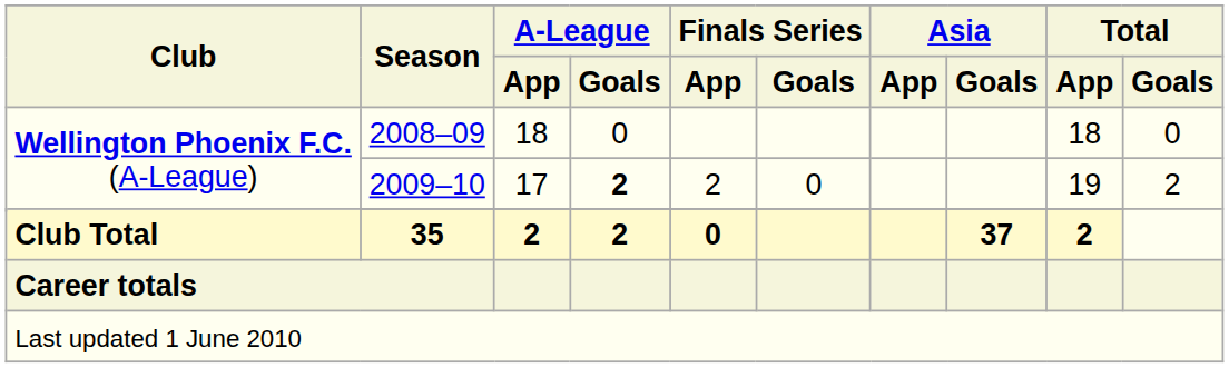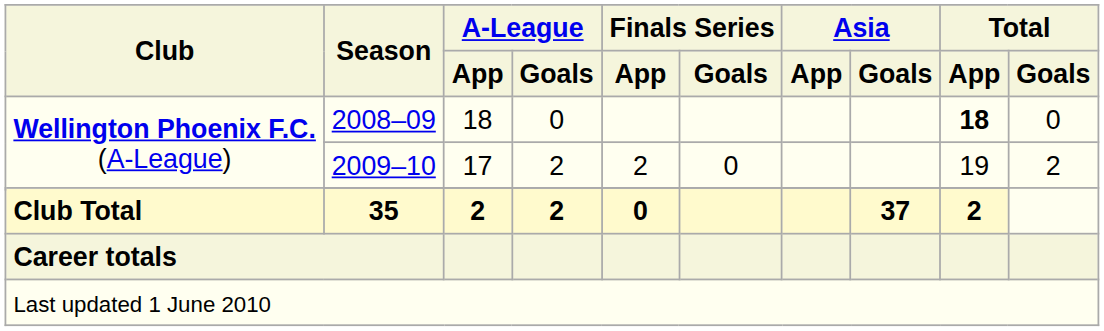 <table border=1 align=center cellpadding=4 cellspacing=2 style="background: ivory; font-size: 95%; border: 1px #aaaaaa solid; border-collapse: collapse; clear:center">
 <tr style="background:beige">
 <th rowspan="2">Club</th>
 <th rowspan="2">Season</th>
 <th colspan="2"><a href='#'>A-League</a></th>
 <th colspan="2">Finals Series</th>
 <th colspan="2"><a href='#'>Asia</a></th>
 <th colspan="2">Total</th>
 </tr>
 <tr style="background:beige">
 <th>App</th>
 <th>Goals</th>
 <th>App</th>
 <th>Goals</th>
 <th>App</th>
 <th>Goals</th>
 <th>App</th>
 <th>Goals</th>
 </tr>
 <tr>
 <td rowspan="3" align=center valign=center><strong><a href='#'>Wellington Phoenix F.C.</a></strong><br>(<a href='#'>A-League</a>)</td>
 <td align="center"><a href='#'>2008–09</a></td>
 <td align="center">18</td>
 <td align="center">0</td>
 <td align="center"></td>
 <td align="center"></td>
 <td align="center"></td>
 <td align="center"></td>
-<td align="center">18</td>
+<td align="center"><strong>18</strong></td>
 <td align="center">0</td>
 </tr>
 <tr>
 <td align="center"><a href='#'>2009–10</a></td>
 <td align="center">17</td>
-<td align="center"><strong>2</strong></td>
+<td align="center">2</td>
 <td align="center">2</td>
 <td align="center">0</td>
 <td align="center"></td>
 <td align="center"></td>
 <td align="center">19</td>
 <td align="center">2</td>
 </tr>
 <tr>
 </tr>
 <tr style="background:lemonchiffon">
 <th colspan="1" align="left">Club Total</th>
 <th>35</th>
 <th>2</th>
 <th>2</th>
 <th>0</th>
 <th></th>
 <th></th>
 <th>37</th>
 <th>2</th>
 </tr>
 <tr>
 <th style="background:beige" colspan="2" align="left">Career totals</th>
 <th align=center style="background:beige"></th>
 <th align=center style="background:beige"></th>
 <th align=center style="background:beige"></th>
 <th align=center style="background:beige"></th>
 <th align=center style="background:beige"></th>
 <th align=center style="background:beige"></th>
 <th align=center style="background:beige"></th>
 <th align=center style="background:beige"></th>
 </tr>
 <tr>
 <td colspan="12"><small>Last updated 1 June 2010</small></td>
 </tr>
 </table>
